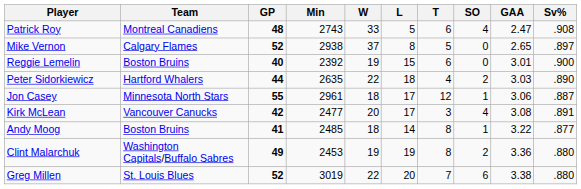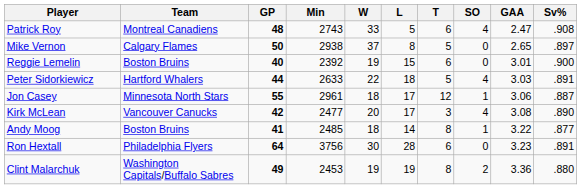 <table class="wikitable">
 <tr>
 <th style="align:left; width: 12em;">Player</th>
 <th style="align:left; width: 13em;">Team</th>
 <th style="width: 3.5em;">GP</th>
 <th style="width: 6em;">Min</th>
 <th style="width: 3.5em;">W</th>
 <th style="width: 3.5em;">L</th>
 <th style="width: 3.5em;">T</th>
 <th style="width: 3.5em;">SO</th>
 <th style="width: 4em;">GAA</th>
 <th style="width: 4em;">Sv%</th>
 </tr>
 <tr style="text-align:right;">
 <td align="left"><a href='#'>Patrick Roy</a></td>
 <td style="text-align:left;"><a href='#'>Montreal Canadiens</a></td>
 <td><strong>48</strong></td>
 <td>2743</td>
 <td>33</td>
 <td>5</td>
 <td>6</td>
 <td>4</td>
 <td>2.47</td>
 <td>.908</td>
 </tr>
 <tr style="text-align:right;">
 <td align="left"><a href='#'>Mike Vernon</a></td>
 <td style="text-align:left;"><a href='#'>Calgary Flames</a></td>
-<td><strong>52</strong></td>
+<td><strong>50</strong></td>
 <td>2938</td>
 <td>37</td>
 <td>8</td>
 <td>5</td>
 <td>0</td>
 <td>2.65</td>
 <td>.897</td>
 </tr>
 <tr style="text-align:right;">
 <td align="left"><a href='#'>Reggie Lemelin</a></td>
 <td style="text-align:left;"><a href='#'>Boston Bruins</a></td>
 <td><strong>40</strong></td>
 <td>2392</td>
 <td>19</td>
 <td>15</td>
 <td>6</td>
 <td>0</td>
 <td>3.01</td>
 <td>.900</td>
 </tr>
 <tr style="text-align:right;">
 <td align="left"><a href='#'>Peter Sidorkiewicz</a></td>
 <td style="text-align:left;"><a href='#'>Hartford Whalers</a></td>
 <td><strong>44</strong></td>
-<td>2635</td>
+<td>2633</td>
 <td>22</td>
 <td>18</td>
+<td>5</td>
 <td>4</td>
-<td>2</td>
 <td>3.03</td>
-<td>.890</td>
+<td>.891</td>
 </tr>
 <tr style="text-align:right;">
 <td align="left"><a href='#'>Jon Casey</a></td>
 <td style="text-align:left;"><a href='#'>Minnesota North Stars</a></td>
 <td><strong>55</strong></td>
 <td>2961</td>
 <td>18</td>
 <td>17</td>
 <td>12</td>
 <td>1</td>
 <td>3.06</td>
 <td>.887</td>
 </tr>
 <tr style="text-align:right;">
 <td align="left"><a href='#'>Kirk McLean</a></td>
 <td style="text-align:left;"><a href='#'>Vancouver Canucks</a></td>
 <td><strong>42</strong></td>
 <td>2477</td>
 <td>20</td>
 <td>17</td>
 <td>3</td>
 <td>4</td>
 <td>3.08</td>
-<td>.891</td>
+<td>.890</td>
 </tr>
 <tr style="text-align:right;">
 <td align="left"><a href='#'>Andy Moog</a></td>
 <td style="text-align:left;"><a href='#'>Boston Bruins</a></td>
 <td><strong>41</strong></td>
 <td>2485</td>
 <td>18</td>
 <td>14</td>
 <td>8</td>
 <td>1</td>
 <td>3.22</td>
 <td>.877</td>
 </tr>
 <tr style="text-align:right;">
+<td align="left"><a href='#'>Ron Hextall</a></td>
+<td style="text-align:left;"><a href='#'>Philadelphia Flyers</a></td>
+<td><strong>64</strong></td>
+<td>3756</td>
+<td>30</td>
+<td>28</td>
+<td>6</td>
+<td>0</td>
+<td>3.23</td>
+<td>.891</td>
+</tr>
+<tr style="text-align:right;">
 <td align="left"><a href='#'>Clint Malarchuk</a></td>
 <td style="text-align:left;"><a href='#'>Washington Capitals</a>/<a href='#'>Buffalo Sabres</a></td>
 <td><strong>49</strong></td>
 <td>2453</td>
 <td>19</td>
 <td>19</td>
 <td>8</td>
 <td>2</td>
 <td>3.36</td>
 <td>.880</td>
 </tr>
-<tr style="text-align:right;">
-<td align="left"><a href='#'>Greg Millen</a></td>
-<td style="text-align:left;"><a href='#'>St. Louis Blues</a></td>
-<td><strong>52</strong></td>
-<td>3019</td>
-<td>22</td>
-<td>20</td>
-<td>7</td>
-<td>6</td>
-<td>3.38</td>
-<td>.880</td>
-</tr>
 </table>
